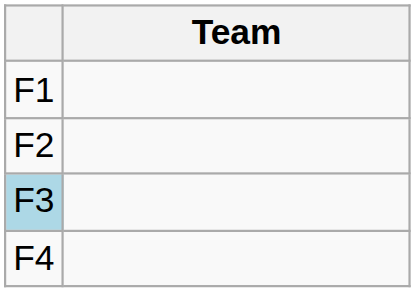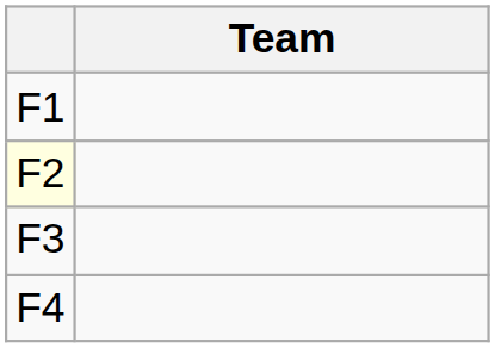 <table class="wikitable" style="display:inline-table;">
 <tr>
 <th></th>
 <th width=150>Team</th>
 </tr>
 <tr>
 <td align=center>F1</td>
 <td></td>
 </tr>
 <tr>
-<td align=center>F2</td>
+<td align=center style="background: lightyellow;">F2</td>
 <td></td>
 </tr>
 <tr>
-<td align=center style="background: lightblue;">F3</td>
+<td align=center>F3</td>
 <td></td>
 </tr>
 <tr>
 <td align=center>F4</td>
 <td></td>
 </tr>
 </table>
